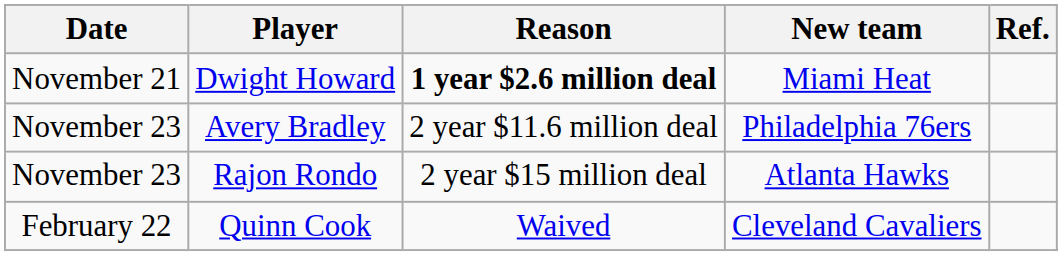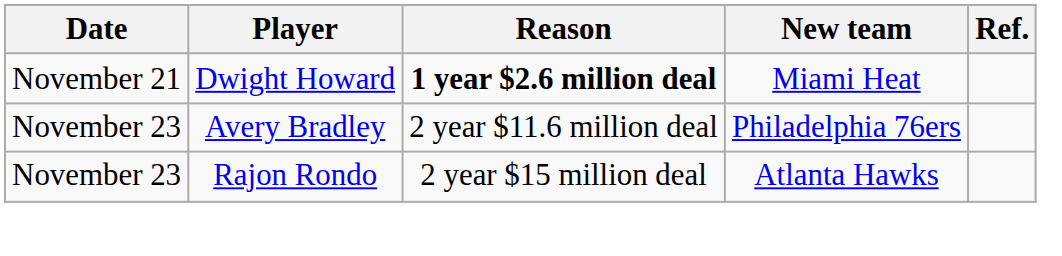 <table class="wikitable sortable sortable" style="text-align: center">
 <tr>
 <th>Date</th>
 <th>Player</th>
 <th>Reason</th>
 <th>New team</th>
 <th>Ref.</th>
 </tr>
 <tr>
 <td>November 21</td>
 <td><a href='#'>Dwight Howard</a></td>
 <td><strong>1 year $2.6 million deal</strong></td>
 <td><a href='#'>Miami Heat</a></td>
 <td></td>
 </tr>
 <tr>
 <td>November 23</td>
 <td><a href='#'>Avery Bradley</a></td>
 <td>2 year $11.6 million deal</td>
 <td><a href='#'>Philadelphia 76ers</a></td>
 <td></td>
 </tr>
 <tr>
 <td>November 23</td>
 <td><a href='#'>Rajon Rondo</a></td>
 <td>2 year $15 million deal</td>
 <td><a href='#'>Atlanta Hawks</a></td>
 <td></td>
 </tr>
-<tr>
-<td>February 22</td>
-<td><a href='#'>Quinn Cook</a></td>
-<td><a href='#'>Waived</a></td>
-<td><a href='#'>Cleveland Cavaliers</a></td>
-<td></td>
-</tr>
 </table>
